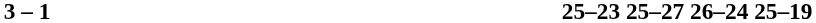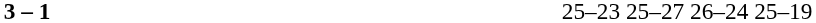 <table width=100% cellspacing=1>
 <tr>
 <th width=20%></th>
 <th width=12%></th>
 <th width=20%></th>
 <th width=33%></th>
 <td></td>
 </tr>
 <tr style=font-size:90%>
 <td align=right><strong></strong></td>
 <td align=center><strong>3 – 1</strong></td>
 <td></td>
-<td><strong>25–23 25–27 26–24 25–19</strong></td>
+<td>25–23 25–27 26–24 25–19</td>
 </tr>
 </table>
